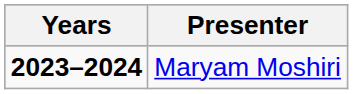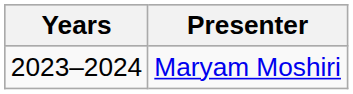 <table class="wikitable">
 <tr>
 <th>Years</th>
 <th>Presenter</th>
 </tr>
 <tr>
-<td><strong>2023–2024</strong></td>
+<td>2023–2024</td>
 <td><a href='#'>Maryam Moshiri</a></td>
 </tr>
 </table>
